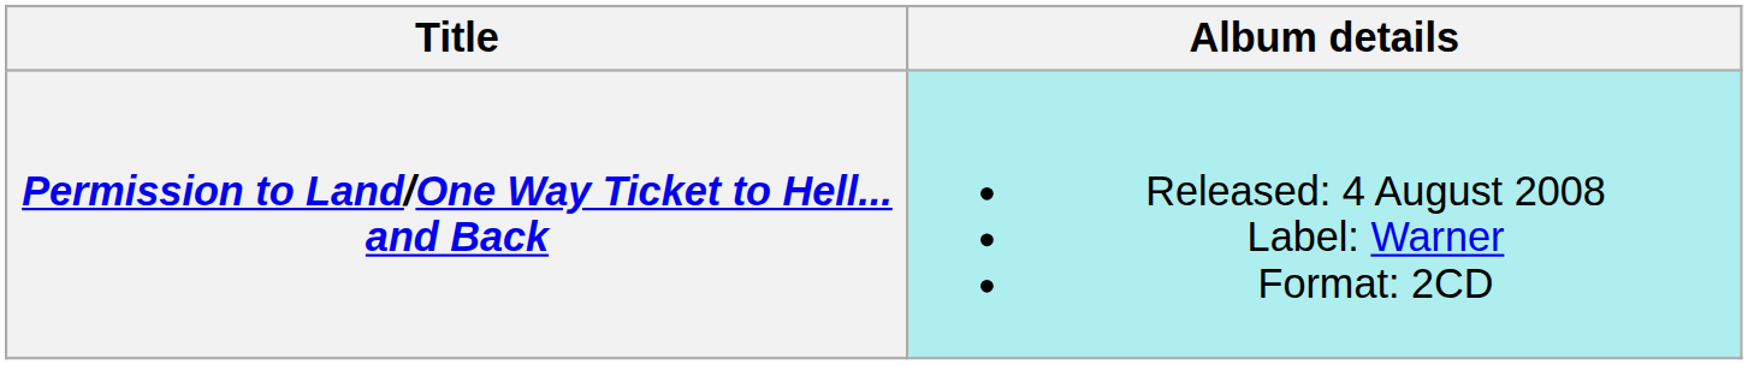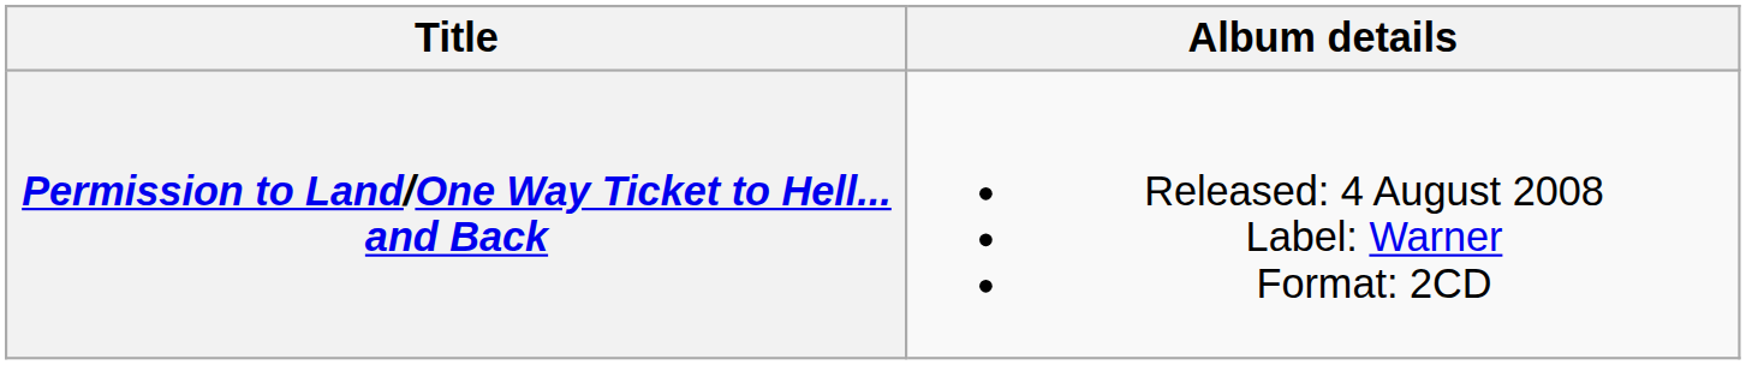 <table class="wikitable plainrowheaders" style="text-align:center; width:34%">
 <tr>
 <th scope="col" style="width:18%;">Title</th>
 <th scope="col" style="width:16%;">Album details</th>
 </tr>
 <tr>
 <th scope="row"><em><a href='#'>Permission to Land</a>/<a href='#'>One Way Ticket to Hell... and Back</a></em></th>
-<td style="background: paleturquoise;"><br><ul><li>Released: 4 August 2008</li><li>Label: <a href='#'>Warner</a></li><li>Format: 2CD</li></ul></td>
+<td><br><ul><li>Released: 4 August 2008</li><li>Label: <a href='#'>Warner</a></li><li>Format: 2CD</li></ul></td>
 </tr>
 </table>
